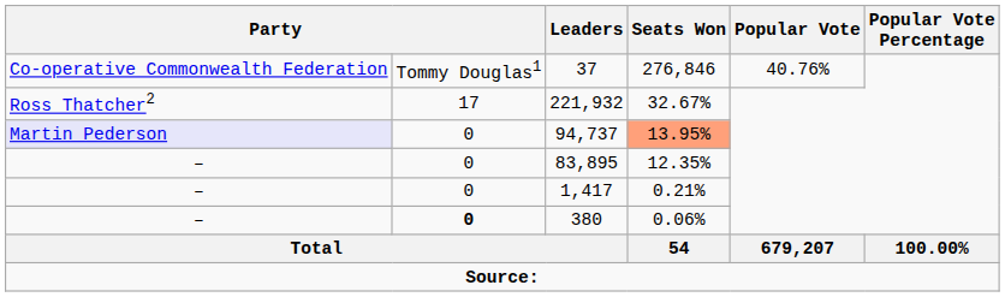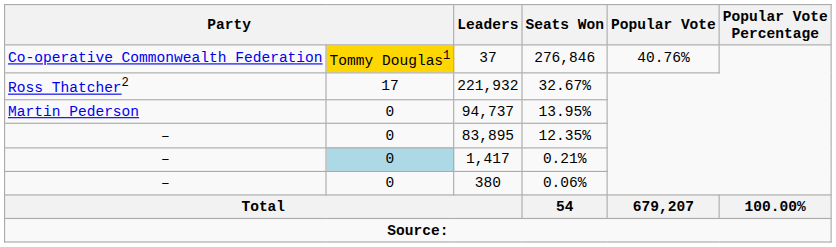 <table class="wikitable">
 <tr>
 <th colspan="2">Party</th>
 <th>Leaders</th>
 <th>Seats Won</th>
 <th>Popular Vote</th>
 <th>Popular Vote<br>Percentage</th>
 </tr>
 <tr>
 <td><a href='#'>Co-operative Commonwealth Federation</a></td>
-<td>Tommy Douglas<sup>1</sup></td>
+<td style="background: gold;">Tommy Douglas<sup>1</sup></td>
 <td align=center>37</td>
 <td align=center>276,846</td>
 <td align=center>40.76%</td>
 </tr>
 <tr>
 <td><a href='#'>Ross Thatcher</a><sup>2</sup></td>
 <td align=center>17</td>
 <td align=center>221,932</td>
 <td align=center>32.67%</td>
 </tr>
 <tr>
-<td style="background: lavender;"><a href='#'>Martin Pederson</a></td>
+<td><a href='#'>Martin Pederson</a></td>
 <td align=center>0</td>
 <td align=center>94,737</td>
-<td align=center style="background: lightsalmon;">13.95%</td>
+<td align=center>13.95%</td>
 </tr>
 <tr>
 <td align=center>–</td>
 <td align=center>0</td>
 <td align=center>83,895</td>
 <td align=center>12.35%</td>
 </tr>
 <tr>
 <td align=center>–</td>
-<td align=center>0</td>
+<td align=center style="background: lightblue;">0</td>
 <td align=center>1,417</td>
 <td align=center>0.21%</td>
 </tr>
 <tr>
 <td align=center>–</td>
-<td align=center><strong>0</strong></td>
+<td align=center>0</td>
 <td align=center>380</td>
 <td align=center>0.06%</td>
 </tr>
 <tr>
 <th colspan=3>Total</th>
 <th>54</th>
 <th>679,207</th>
 <th>100.00%</th>
 </tr>
 <tr>
 <td align="center" colspan=6><strong>Source:</strong> </td>
 </tr>
 </table>
